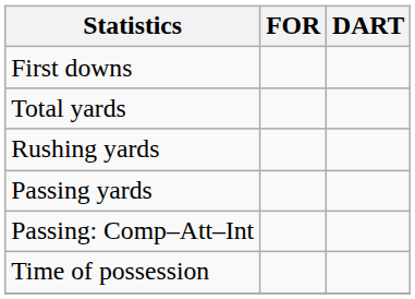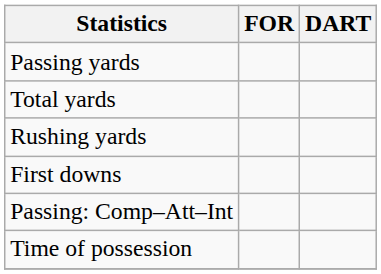 <table class="wikitable" style="float: left;">
 <tr>
 <th>Statistics</th>
 <th>FOR</th>
 <th>DART</th>
 </tr>
 <tr>
-<td>First downs</td>
+<td>Passing yards</td>
 <td></td>
 <td></td>
 </tr>
 <tr>
 <td>Total yards</td>
 <td></td>
 <td></td>
 </tr>
 <tr>
 <td>Rushing yards</td>
 <td></td>
 <td></td>
 </tr>
 <tr>
-<td>Passing yards</td>
+<td>First downs</td>
 <td></td>
 <td></td>
 </tr>
 <tr>
 <td>Passing: Comp–Att–Int</td>
 <td></td>
 <td></td>
 </tr>
 <tr>
 <td>Time of possession</td>
 <td></td>
 <td></td>
 </tr>
 <tr>
 </tr>
 </table>
